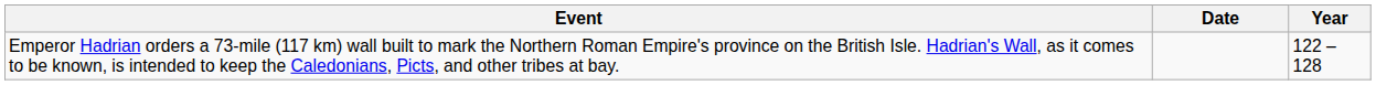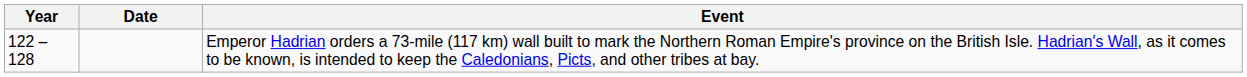 <table class="wikitable" width="100%">
 <tr>
+<th style="width:6%">Year</th>
+<th style="width:10%">Date</th>
 <th>Event</th>
-<th style="width:10%">Date</th>
-<th style="width:6%">Year</th>
 </tr>
 <tr>
+<td>122 – 128</td>
+<td></td>
 <td>Emperor <a href='#'>Hadrian</a> orders a 73-mile (117 km) wall built to mark the Northern Roman Empire's province on the British Isle. <a href='#'>Hadrian's Wall</a>, as it comes to be known, is intended to keep the <a href='#'>Caledonians</a>, <a href='#'>Picts</a>, and other tribes at bay.</td>
-<td></td>
-<td>122 – 128</td>
 </tr>
 </table>
